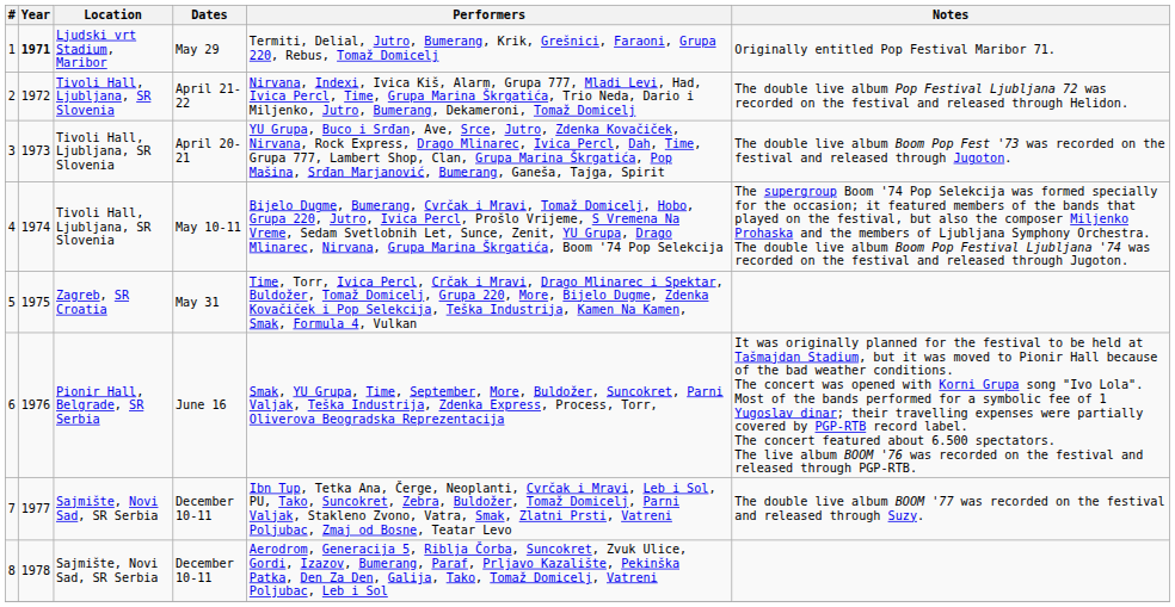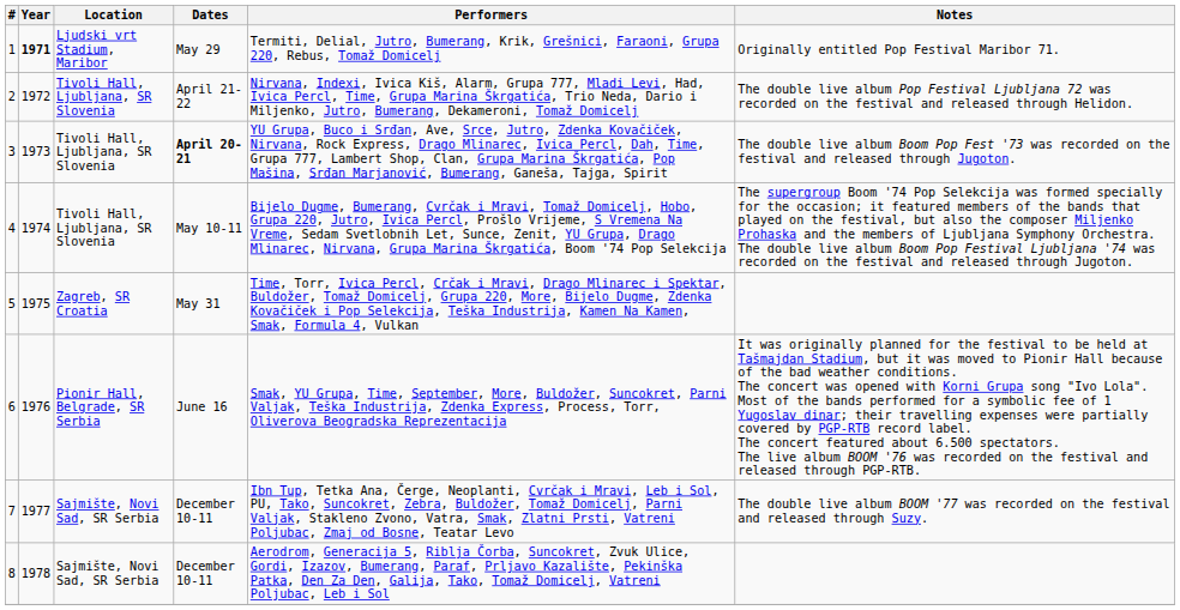 <table class="wikitable sortable">
 <tr>
 <th>#</th>
 <th>Year</th>
 <th class="unsortable">Location</th>
 <th>Dates</th>
 <th class="unsortable">Performers</th>
 <th class="unsortable">Notes</th>
 </tr>
 <tr>
 <td>1</td>
 <td><strong>1971</strong></td>
 <td><a href='#'>Ljudski vrt Stadium</a>, <a href='#'>Maribor</a></td>
 <td>May 29</td>
 <td>Termiti, Delial, <a href='#'>Jutro</a>, <a href='#'>Bumerang</a>, Krik, <a href='#'>Grešnici</a>, <a href='#'>Faraoni</a>, <a href='#'>Grupa 220</a>, Rebus, <a href='#'>Tomaž Domicelj</a></td>
 <td>Originally entitled Pop Festival Maribor 71.</td>
 </tr>
 <tr>
 <td>2</td>
 <td>1972</td>
 <td><a href='#'>Tivoli Hall</a>, <a href='#'>Ljubljana</a>, <a href='#'>SR Slovenia</a></td>
 <td>April 21-22</td>
 <td><a href='#'>Nirvana</a>, <a href='#'>Indexi</a>, Ivica Kiš, Alarm, Grupa 777, <a href='#'>Mladi Levi</a>, Had, <a href='#'>Ivica Percl</a>, <a href='#'>Time</a>, <a href='#'>Grupa Marina Škrgatića</a>, Trio Neda, Dario i Miljenko, <a href='#'>Jutro</a>, <a href='#'>Bumerang</a>, Dekameroni, <a href='#'>Tomaž Domicelj</a></td>
 <td>The double live album <em>Pop Festival Ljubljana 72</em> was recorded on the festival and released through Helidon.</td>
 </tr>
 <tr>
 <td>3</td>
 <td>1973</td>
 <td>Tivoli Hall, Ljubljana, SR Slovenia</td>
-<td>April 20-21</td>
+<td><strong>April 20-21</strong></td>
 <td><a href='#'>YU Grupa</a>, <a href='#'>Buco i Srđan</a>, Ave, <a href='#'>Srce</a>, <a href='#'>Jutro</a>, <a href='#'>Zdenka Kovačiček</a>, <a href='#'>Nirvana</a>, Rock Express, <a href='#'>Drago Mlinarec</a>, <a href='#'>Ivica Percl</a>, <a href='#'>Dah</a>, <a href='#'>Time</a>, Grupa 777, Lambert Shop, Clan, <a href='#'>Grupa Marina Škrgatića</a>, <a href='#'>Pop Mašina</a>, <a href='#'>Srđan Marjanović</a>, <a href='#'>Bumerang</a>, Ganeša, Tajga, Spirit</td>
 <td>The double live album <em>Boom Pop Fest '73</em> was recorded on the festival and released through <a href='#'>Jugoton</a>.</td>
 </tr>
 <tr>
 <td>4</td>
 <td>1974</td>
 <td>Tivoli Hall, Ljubljana, SR Slovenia</td>
 <td>May 10-11</td>
 <td><a href='#'>Bijelo Dugme</a>, <a href='#'>Bumerang</a>, <a href='#'>Cvrčak i Mravi</a>, <a href='#'>Tomaž Domicelj</a>, <a href='#'>Hobo</a>, <a href='#'>Grupa 220</a>, <a href='#'>Jutro</a>, <a href='#'>Ivica Percl</a>, Prošlo Vrijeme, <a href='#'>S Vremena Na Vreme</a>, Sedam Svetlobnih Let, Sunce, Zenit, <a href='#'>YU Grupa</a>, <a href='#'>Drago Mlinarec</a>, <a href='#'>Nirvana</a>, <a href='#'>Grupa Marina Škrgatića</a>, Boom '74 Pop Selekcija</td>
 <td>The <a href='#'>supergroup</a> Boom '74 Pop Selekcija was formed specially for the occasion; it featured members of the bands that played on the festival, but also the composer <a href='#'>Miljenko Prohaska</a> and the members of Ljubljana Symphony Orchestra.<br>The double live album <em>Boom Pop Festival Ljubljana '74</em> was recorded on the festival and released through Jugoton.</td>
 </tr>
 <tr>
 <td>5</td>
 <td>1975</td>
 <td><a href='#'>Zagreb</a>, <a href='#'>SR Croatia</a></td>
 <td>May 31</td>
 <td><a href='#'>Time</a>, Torr, <a href='#'>Ivica Percl</a>, <a href='#'>Crčak i Mravi</a>, <a href='#'>Drago Mlinarec i Spektar</a>, <a href='#'>Buldožer</a>, <a href='#'>Tomaž Domicelj</a>, <a href='#'>Grupa 220</a>, <a href='#'>More</a>, <a href='#'>Bijelo Dugme</a>, <a href='#'>Zdenka Kovačiček i Pop Selekcija</a>, <a href='#'>Teška Industrija</a>, <a href='#'>Kamen Na Kamen</a>, <a href='#'>Smak</a>, <a href='#'>Formula 4</a>, Vulkan</td>
 <td></td>
 </tr>
 <tr>
 <td>6</td>
 <td>1976</td>
 <td><a href='#'>Pionir Hall</a>, <a href='#'>Belgrade</a>, <a href='#'>SR Serbia</a></td>
 <td>June 16</td>
 <td><a href='#'>Smak</a>, <a href='#'>YU Grupa</a>, <a href='#'>Time</a>, <a href='#'>September</a>, <a href='#'>More</a>, <a href='#'>Buldožer</a>, <a href='#'>Suncokret</a>, <a href='#'>Parni Valjak</a>, <a href='#'>Teška Industrija</a>, <a href='#'>Zdenka Express</a>, Process, Torr, <a href='#'>Oliverova Beogradska Reprezentacija</a></td>
 <td>It was originally planned for the festival to be held at <a href='#'>Tašmajdan Stadium</a>, but it was moved to Pionir Hall because of the bad weather conditions.<br>The concert was opened with <a href='#'>Korni Grupa</a> song "Ivo Lola".<br>Most of the bands performed for a symbolic fee of 1 <a href='#'>Yugoslav dinar</a>; their travelling expenses were partially covered by <a href='#'>PGP-RTB</a> record label.<br>The concert featured about 6.500 spectators.<br>The live album <em>BOOM '76</em> was recorded on the festival and released through PGP-RTB.</td>
 </tr>
 <tr>
 <td>7</td>
 <td>1977</td>
 <td><a href='#'>Sajmište</a>, <a href='#'>Novi Sad</a>, SR Serbia</td>
 <td>December 10-11</td>
 <td><a href='#'>Ibn Tup</a>, Tetka Ana, Čerge, Neoplanti, <a href='#'>Cvrčak i Mravi</a>, <a href='#'>Leb i Sol</a>, PU, <a href='#'>Tako</a>, <a href='#'>Suncokret</a>, <a href='#'>Zebra</a>, <a href='#'>Buldožer</a>, <a href='#'>Tomaž Domicelj</a>, <a href='#'>Parni Valjak</a>, Stakleno Zvono, Vatra, <a href='#'>Smak</a>, <a href='#'>Zlatni Prsti</a>, <a href='#'>Vatreni Poljubac</a>, <a href='#'>Zmaj od Bosne</a>, Teatar Levo</td>
 <td>The double live album <em>BOOM '77</em> was recorded on the festival and released through <a href='#'>Suzy</a>.</td>
 </tr>
 <tr>
 <td>8</td>
 <td>1978</td>
 <td>Sajmište, Novi Sad, SR Serbia</td>
 <td>December 10-11</td>
 <td><a href='#'>Aerodrom</a>, <a href='#'>Generacija 5</a>, <a href='#'>Riblja Čorba</a>, <a href='#'>Suncokret</a>, Zvuk Ulice, <a href='#'>Gordi</a>, <a href='#'>Izazov</a>, <a href='#'>Bumerang</a>, <a href='#'>Paraf</a>, <a href='#'>Prljavo Kazalište</a>, <a href='#'>Pekinška Patka</a>, <a href='#'>Den Za Den</a>, <a href='#'>Galija</a>, <a href='#'>Tako</a>, <a href='#'>Tomaž Domicelj</a>, <a href='#'>Vatreni Poljubac</a>, <a href='#'>Leb i Sol</a></td>
 <td></td>
 </tr>
 <tr>
 </tr>
 </table>
